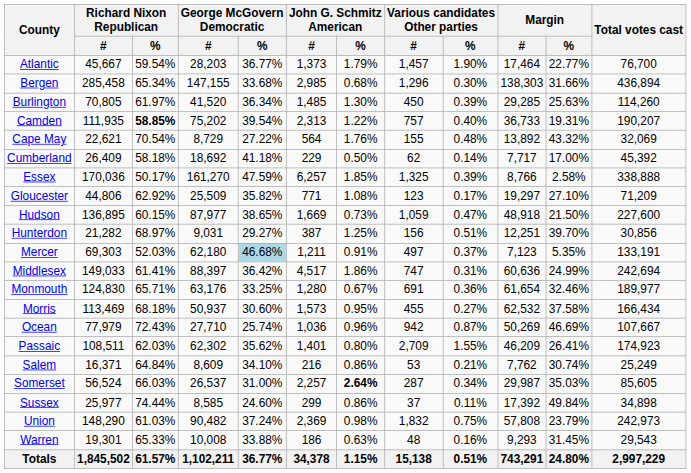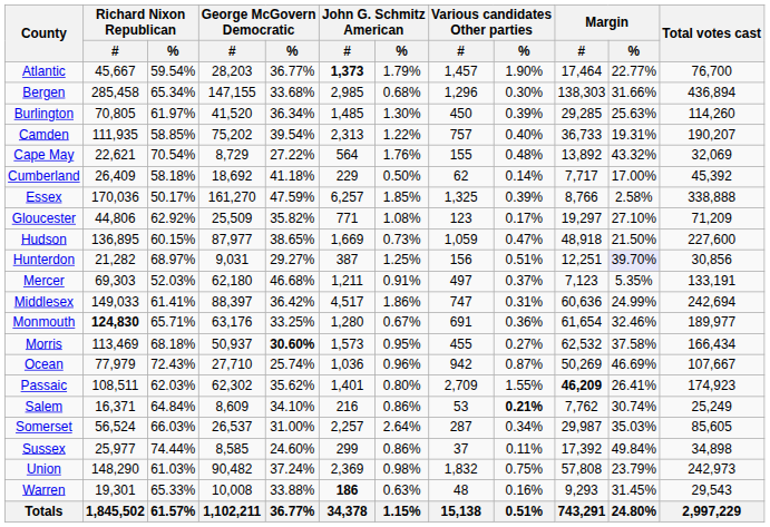 <table class="wikitable sortable">
 <tr>
 <th rowspan="2">County</th>
 <th colspan="2">Richard Nixon<br>Republican</th>
 <th colspan="2">George McGovern<br>Democratic</th>
 <th colspan="2">John G. Schmitz<br>American</th>
 <th colspan="2">Various candidates<br>Other parties</th>
 <th colspan="2">Margin</th>
 <th rowspan="2" data-sort-type="number">Total votes cast</th>
 </tr>
 <tr>
 <th data-sort-type="number">#</th>
 <th data-sort-type="number">%</th>
 <th data-sort-type="number">#</th>
 <th data-sort-type="number">%</th>
 <th data-sort-type="number">#</th>
 <th data-sort-type="number">%</th>
 <th data-sort-type="number">#</th>
 <th data-sort-type="number">%</th>
 <th data-sort-type="number">#</th>
 <th data-sort-type="number">%</th>
 </tr>
 <tr style="text-align:center;">
 <td><a href='#'>Atlantic</a></td>
 <td>45,667</td>
 <td>59.54%</td>
 <td>28,203</td>
 <td>36.77%</td>
-<td>1,373</td>
+<td><strong>1,373</strong></td>
 <td>1.79%</td>
 <td>1,457</td>
 <td>1.90%</td>
 <td>17,464</td>
 <td>22.77%</td>
 <td>76,700</td>
 </tr>
 <tr style="text-align:center;">
 <td><a href='#'>Bergen</a></td>
 <td>285,458</td>
 <td>65.34%</td>
 <td>147,155</td>
 <td>33.68%</td>
 <td>2,985</td>
 <td>0.68%</td>
 <td>1,296</td>
 <td>0.30%</td>
 <td>138,303</td>
 <td>31.66%</td>
 <td>436,894</td>
 </tr>
 <tr style="text-align:center;">
 <td><a href='#'>Burlington</a></td>
 <td>70,805</td>
 <td>61.97%</td>
 <td>41,520</td>
 <td>36.34%</td>
 <td>1,485</td>
 <td>1.30%</td>
 <td>450</td>
 <td>0.39%</td>
 <td>29,285</td>
 <td>25.63%</td>
 <td>114,260</td>
 </tr>
 <tr style="text-align:center;">
 <td><a href='#'>Camden</a></td>
 <td>111,935</td>
-<td><strong>58.85%</strong></td>
+<td>58.85%</td>
 <td>75,202</td>
 <td>39.54%</td>
 <td>2,313</td>
 <td>1.22%</td>
 <td>757</td>
 <td>0.40%</td>
 <td>36,733</td>
 <td>19.31%</td>
 <td>190,207</td>
 </tr>
 <tr style="text-align:center;">
 <td><a href='#'>Cape May</a></td>
 <td>22,621</td>
 <td>70.54%</td>
 <td>8,729</td>
 <td>27.22%</td>
 <td>564</td>
 <td>1.76%</td>
 <td>155</td>
 <td>0.48%</td>
 <td>13,892</td>
 <td>43.32%</td>
 <td>32,069</td>
 </tr>
 <tr style="text-align:center;">
 <td><a href='#'>Cumberland</a></td>
 <td>26,409</td>
 <td>58.18%</td>
 <td>18,692</td>
 <td>41.18%</td>
 <td>229</td>
 <td>0.50%</td>
 <td>62</td>
 <td>0.14%</td>
 <td>7,717</td>
 <td>17.00%</td>
 <td>45,392</td>
 </tr>
 <tr style="text-align:center;">
 <td><a href='#'>Essex</a></td>
 <td>170,036</td>
 <td>50.17%</td>
 <td>161,270</td>
 <td>47.59%</td>
 <td>6,257</td>
 <td>1.85%</td>
 <td>1,325</td>
 <td>0.39%</td>
 <td>8,766</td>
 <td>2.58%</td>
 <td>338,888</td>
 </tr>
 <tr style="text-align:center;">
 <td><a href='#'>Gloucester</a></td>
 <td>44,806</td>
 <td>62.92%</td>
 <td>25,509</td>
 <td>35.82%</td>
 <td>771</td>
 <td>1.08%</td>
 <td>123</td>
 <td>0.17%</td>
 <td>19,297</td>
 <td>27.10%</td>
 <td>71,209</td>
 </tr>
 <tr style="text-align:center;">
 <td><a href='#'>Hudson</a></td>
 <td>136,895</td>
 <td>60.15%</td>
 <td>87,977</td>
 <td>38.65%</td>
 <td>1,669</td>
 <td>0.73%</td>
 <td>1,059</td>
 <td>0.47%</td>
 <td>48,918</td>
 <td>21.50%</td>
 <td>227,600</td>
 </tr>
 <tr style="text-align:center;">
 <td><a href='#'>Hunterdon</a></td>
 <td>21,282</td>
 <td>68.97%</td>
 <td>9,031</td>
 <td>29.27%</td>
 <td>387</td>
 <td>1.25%</td>
 <td>156</td>
 <td>0.51%</td>
 <td>12,251</td>
-<td>39.70%</td>
+<td style="background: lavender;">39.70%</td>
 <td>30,856</td>
 </tr>
 <tr style="text-align:center;">
 <td><a href='#'>Mercer</a></td>
 <td>69,303</td>
 <td>52.03%</td>
 <td>62,180</td>
-<td style="background: lightblue;">46.68%</td>
+<td>46.68%</td>
 <td>1,211</td>
 <td>0.91%</td>
 <td>497</td>
 <td>0.37%</td>
 <td>7,123</td>
 <td>5.35%</td>
 <td>133,191</td>
 </tr>
 <tr style="text-align:center;">
 <td><a href='#'>Middlesex</a></td>
 <td>149,033</td>
 <td>61.41%</td>
 <td>88,397</td>
 <td>36.42%</td>
 <td>4,517</td>
 <td>1.86%</td>
 <td>747</td>
 <td>0.31%</td>
 <td>60,636</td>
 <td>24.99%</td>
 <td>242,694</td>
 </tr>
 <tr style="text-align:center;">
 <td><a href='#'>Monmouth</a></td>
-<td>124,830</td>
+<td><strong>124,830</strong></td>
 <td>65.71%</td>
 <td>63,176</td>
 <td>33.25%</td>
 <td>1,280</td>
 <td>0.67%</td>
 <td>691</td>
 <td>0.36%</td>
 <td>61,654</td>
 <td>32.46%</td>
 <td>189,977</td>
 </tr>
 <tr style="text-align:center;">
 <td><a href='#'>Morris</a></td>
 <td>113,469</td>
 <td>68.18%</td>
 <td>50,937</td>
-<td>30.60%</td>
+<td><strong>30.60%</strong></td>
 <td>1,573</td>
 <td>0.95%</td>
 <td>455</td>
 <td>0.27%</td>
 <td>62,532</td>
 <td>37.58%</td>
 <td>166,434</td>
 </tr>
 <tr style="text-align:center;">
 <td><a href='#'>Ocean</a></td>
 <td>77,979</td>
 <td>72.43%</td>
 <td>27,710</td>
 <td>25.74%</td>
 <td>1,036</td>
 <td>0.96%</td>
 <td>942</td>
 <td>0.87%</td>
 <td>50,269</td>
 <td>46.69%</td>
 <td>107,667</td>
 </tr>
 <tr style="text-align:center;">
 <td><a href='#'>Passaic</a></td>
 <td>108,511</td>
 <td>62.03%</td>
 <td>62,302</td>
 <td>35.62%</td>
 <td>1,401</td>
 <td>0.80%</td>
 <td>2,709</td>
 <td>1.55%</td>
-<td>46,209</td>
+<td><strong>46,209</strong></td>
 <td>26.41%</td>
 <td>174,923</td>
 </tr>
 <tr style="text-align:center;">
 <td><a href='#'>Salem</a></td>
 <td>16,371</td>
 <td>64.84%</td>
 <td>8,609</td>
 <td>34.10%</td>
 <td>216</td>
 <td>0.86%</td>
 <td>53</td>
-<td>0.21%</td>
+<td><strong>0.21%</strong></td>
 <td>7,762</td>
 <td>30.74%</td>
 <td>25,249</td>
 </tr>
 <tr style="text-align:center;">
 <td><a href='#'>Somerset</a></td>
 <td>56,524</td>
 <td>66.03%</td>
 <td>26,537</td>
 <td>31.00%</td>
 <td>2,257</td>
-<td><strong>2.64%</strong></td>
+<td>2.64%</td>
 <td>287</td>
 <td>0.34%</td>
 <td>29,987</td>
 <td>35.03%</td>
 <td>85,605</td>
 </tr>
 <tr style="text-align:center;">
 <td><a href='#'>Sussex</a></td>
 <td>25,977</td>
 <td>74.44%</td>
 <td>8,585</td>
 <td>24.60%</td>
 <td>299</td>
 <td>0.86%</td>
 <td>37</td>
 <td>0.11%</td>
 <td>17,392</td>
 <td>49.84%</td>
 <td>34,898</td>
 </tr>
 <tr style="text-align:center;">
 <td><a href='#'>Union</a></td>
 <td>148,290</td>
 <td>61.03%</td>
 <td>90,482</td>
 <td>37.24%</td>
 <td>2,369</td>
 <td>0.98%</td>
 <td>1,832</td>
 <td>0.75%</td>
 <td>57,808</td>
 <td>23.79%</td>
 <td>242,973</td>
 </tr>
 <tr style="text-align:center;">
 <td><a href='#'>Warren</a></td>
 <td>19,301</td>
 <td>65.33%</td>
 <td>10,008</td>
 <td>33.88%</td>
-<td>186</td>
+<td><strong>186</strong></td>
 <td>0.63%</td>
 <td>48</td>
 <td>0.16%</td>
 <td>9,293</td>
 <td>31.45%</td>
 <td>29,543</td>
 </tr>
 <tr style="text-align:center;">
 <th>Totals</th>
 <th>1,845,502</th>
 <th>61.57%</th>
 <th>1,102,211</th>
 <th>36.77%</th>
 <th>34,378</th>
 <th>1.15%</th>
 <th>15,138</th>
 <th>0.51%</th>
 <th>743,291</th>
 <th>24.80%</th>
 <th>2,997,229</th>
 </tr>
 </table>
